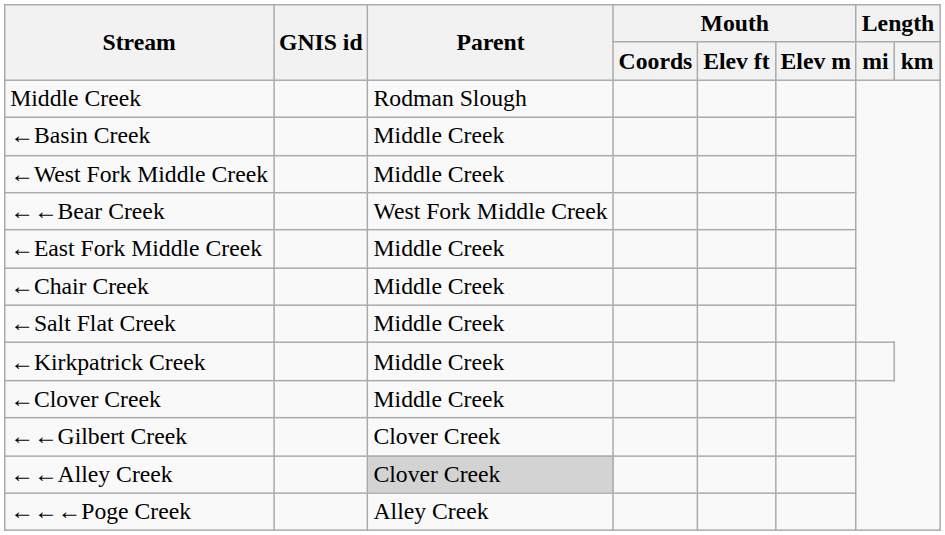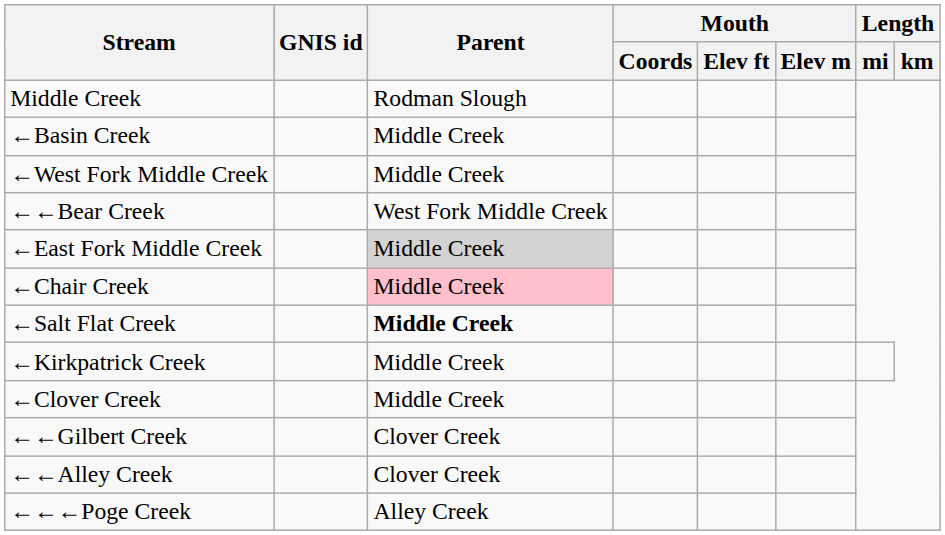 <table class="wikitable sortable">
 <tr>
 <th rowspan=2>Stream</th>
 <th rowspan=2>GNIS id</th>
 <th rowspan=2>Parent</th>
 <th colspan=3>Mouth</th>
 <th colspan=2>Length</th>
 </tr>
 <tr>
 <th>Coords</th>
 <th>Elev ft</th>
 <th>Elev m</th>
 <th>mi</th>
 <th>km</th>
 </tr>
 <tr>
 <td>Middle Creek</td>
 <td></td>
 <td>Rodman Slough</td>
 <td></td>
 <td></td>
 <td></td>
 </tr>
 <tr>
 <td> ←Basin Creek</td>
 <td></td>
 <td>Middle Creek</td>
 <td></td>
 <td></td>
 <td></td>
 </tr>
 <tr>
 <td> ←West Fork Middle Creek</td>
 <td></td>
 <td>Middle Creek</td>
 <td></td>
 <td></td>
 <td></td>
 </tr>
 <tr>
 <td> ←←Bear Creek</td>
 <td></td>
 <td>West Fork Middle Creek</td>
 <td></td>
 <td></td>
 <td></td>
 </tr>
 <tr>
 <td> ←East Fork Middle Creek</td>
 <td></td>
-<td>Middle Creek</td>
+<td style="background: lightgrey;">Middle Creek</td>
 <td></td>
 <td></td>
 <td></td>
 </tr>
 <tr>
 <td> ←Chair Creek</td>
 <td></td>
-<td>Middle Creek</td>
+<td style="background: pink;">Middle Creek</td>
 <td></td>
 <td></td>
 <td></td>
 </tr>
 <tr>
 <td> ←Salt Flat Creek</td>
 <td></td>
-<td>Middle Creek</td>
+<td><strong>Middle Creek</strong></td>
 <td></td>
 <td></td>
 <td></td>
 </tr>
 <tr>
 <td> ←Kirkpatrick Creek</td>
 <td></td>
 <td>Middle Creek</td>
 <td></td>
 <td></td>
 <td></td>
 <td></td>
 </tr>
 <tr>
 <td> ←Clover Creek</td>
 <td></td>
 <td>Middle Creek</td>
 <td></td>
 <td></td>
 <td></td>
 </tr>
 <tr>
 <td> ←←Gilbert Creek</td>
 <td></td>
 <td>Clover Creek</td>
 <td></td>
 <td></td>
 <td></td>
 </tr>
 <tr>
 <td> ←←Alley Creek</td>
 <td></td>
-<td style="background: lightgrey;">Clover Creek</td>
+<td>Clover Creek</td>
 <td></td>
 <td></td>
 <td></td>
 </tr>
 <tr>
 <td> ←←←Poge Creek</td>
 <td></td>
 <td>Alley Creek</td>
 <td></td>
 <td></td>
 <td></td>
 </tr>
 </table>
